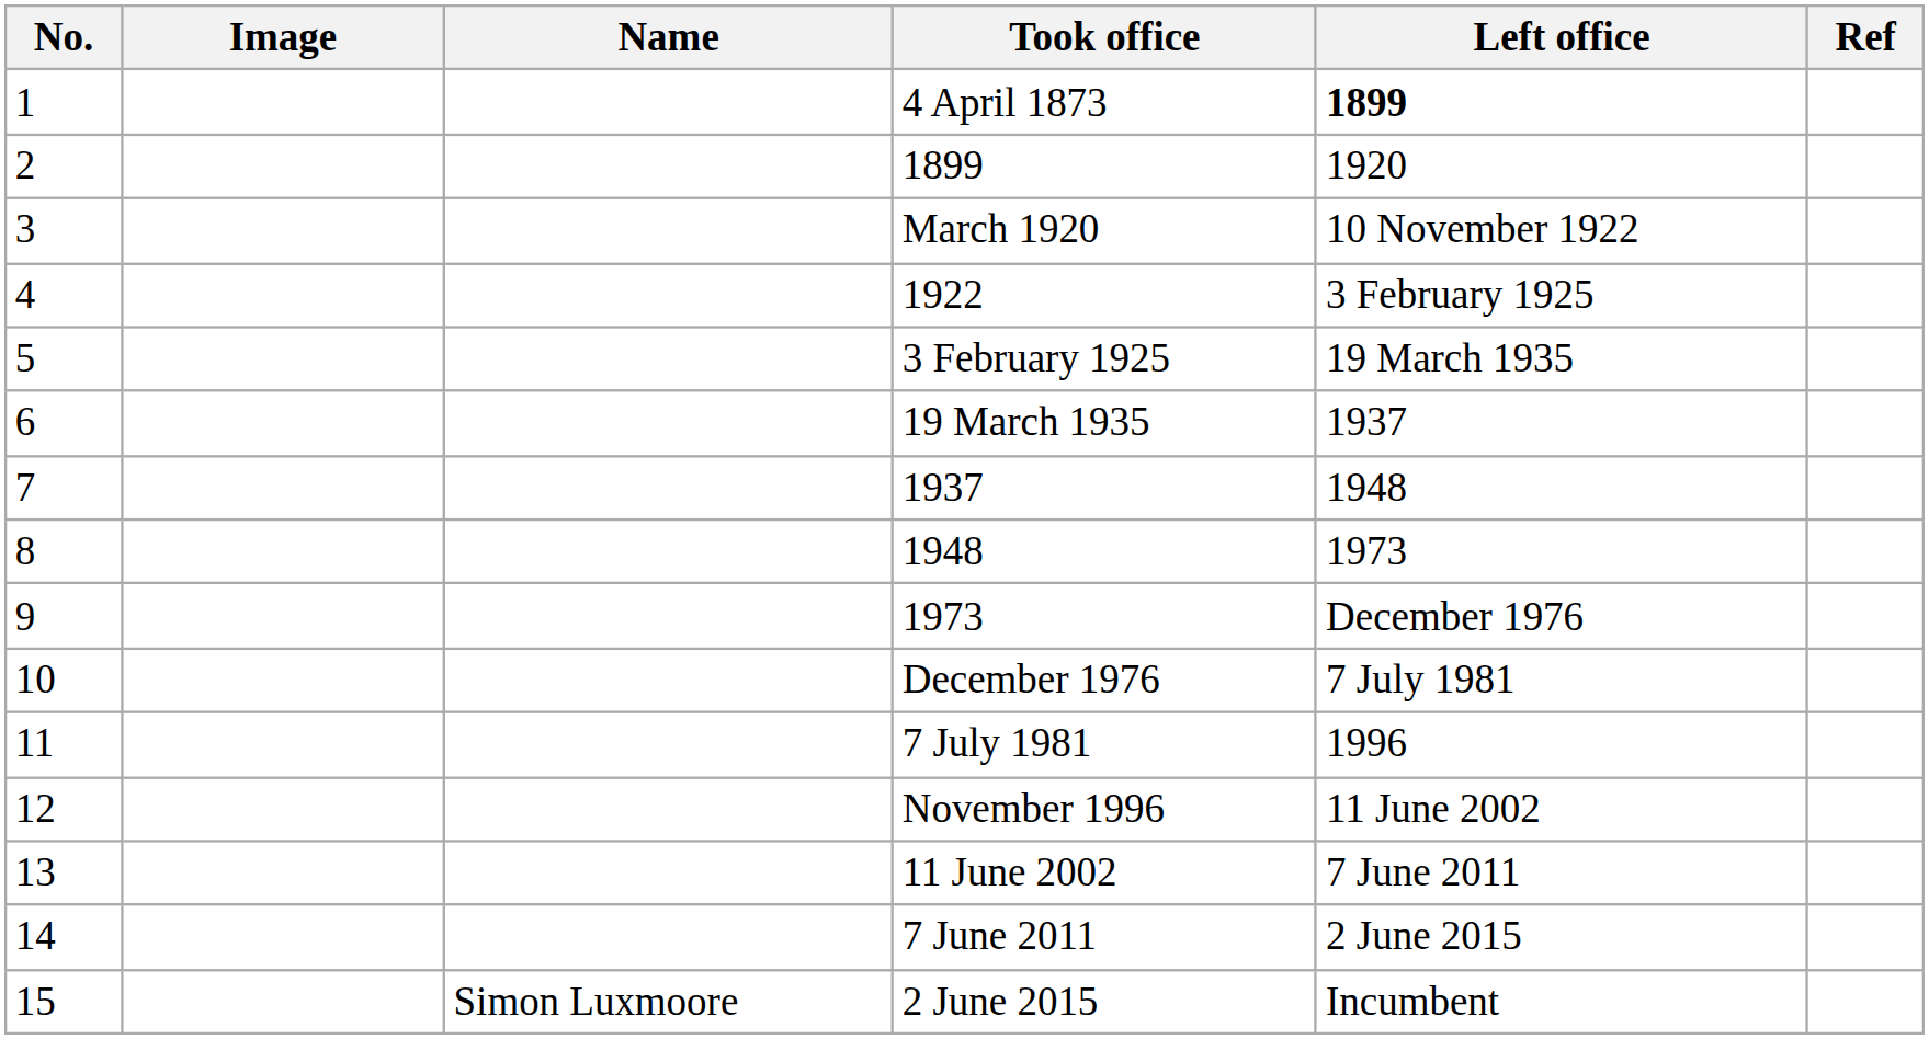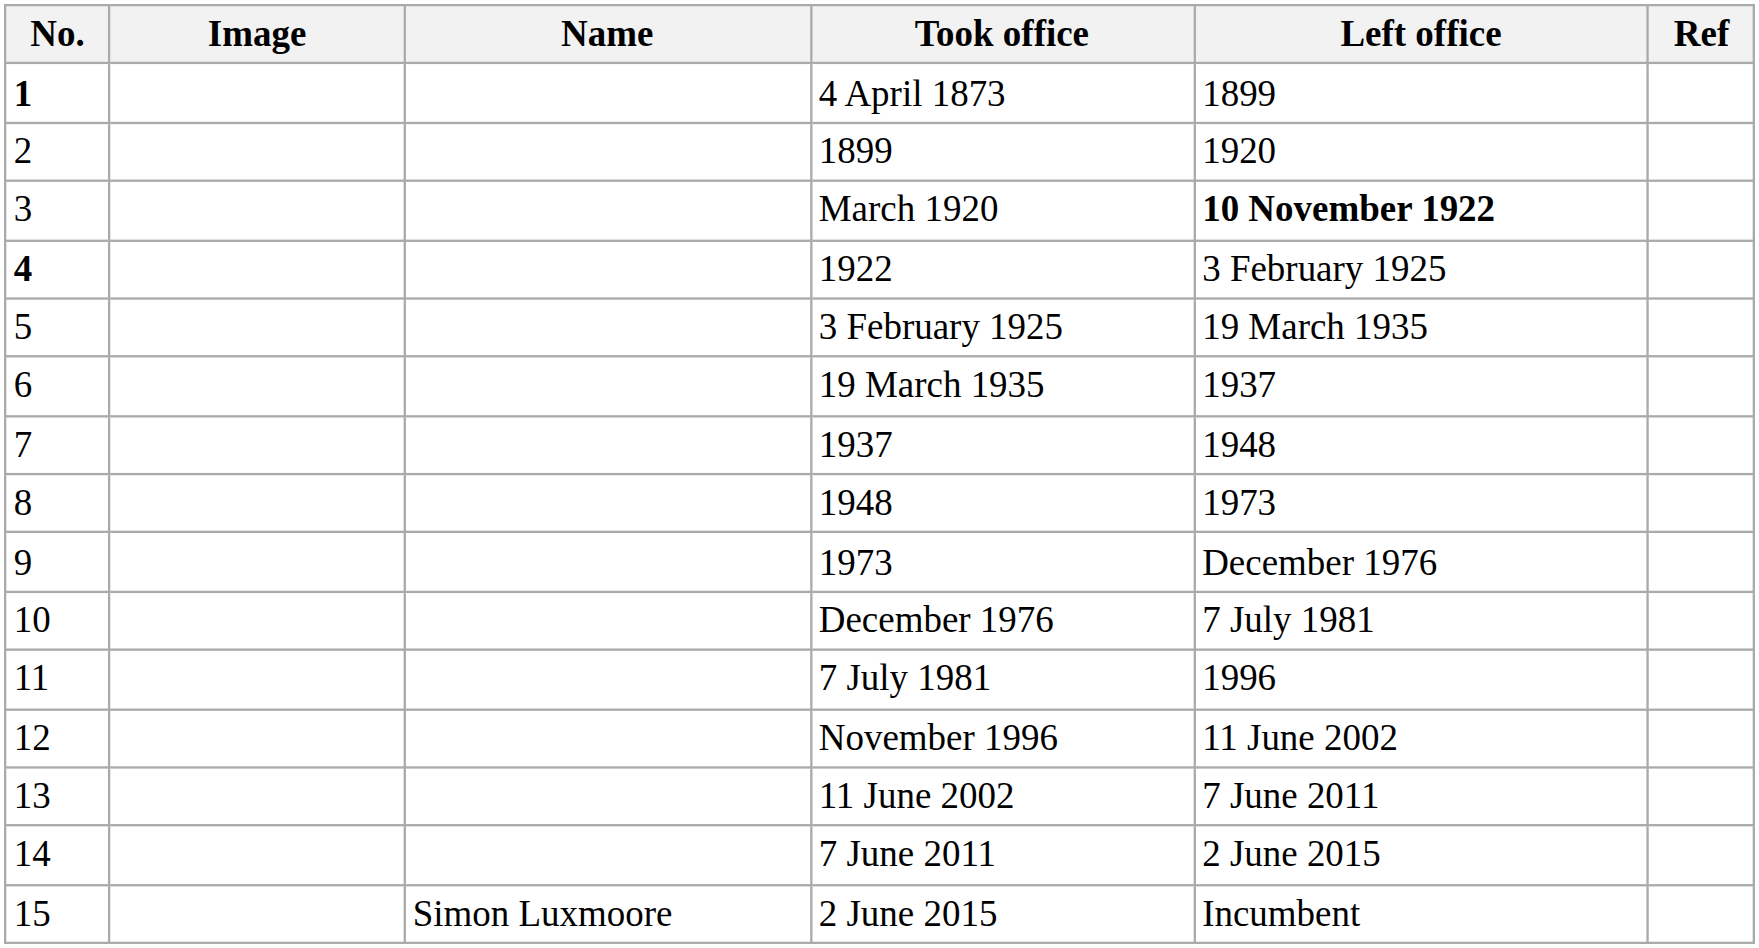 <table class="wikitable sortable" width="60%" style="background:#ffffff;">
 <tr>
 <th>No.</th>
 <th class="unsortable" width="120px">Image</th>
 <th>Name</th>
 <th>Took office</th>
 <th>Left office</th>
 <th class="unsortable">Ref</th>
 </tr>
 <tr>
-<td>1</td>
+<td><strong>1</strong></td>
 <td></td>
 <td></td>
 <td>4 April 1873</td>
-<td><strong>1899</strong></td>
+<td>1899</td>
 <td></td>
 </tr>
 <tr>
 <td>2</td>
 <td></td>
 <td></td>
 <td>1899</td>
 <td>1920</td>
 <td></td>
 </tr>
 <tr>
 <td>3</td>
 <td></td>
 <td></td>
 <td>March 1920</td>
-<td>10 November 1922</td>
+<td><strong>10 November 1922</strong></td>
 <td></td>
 </tr>
 <tr>
-<td>4</td>
+<td><strong>4</strong></td>
 <td></td>
 <td></td>
 <td>1922</td>
 <td>3 February 1925</td>
 <td></td>
 </tr>
 <tr>
 <td>5</td>
 <td></td>
 <td></td>
 <td>3 February 1925</td>
 <td>19 March 1935</td>
 <td></td>
 </tr>
 <tr>
 <td>6</td>
 <td></td>
 <td></td>
 <td>19 March 1935</td>
 <td>1937</td>
 <td></td>
 </tr>
 <tr>
 <td>7</td>
 <td></td>
 <td></td>
 <td>1937</td>
 <td>1948</td>
 <td></td>
 </tr>
 <tr>
 <td>8</td>
 <td></td>
 <td></td>
 <td>1948</td>
 <td>1973</td>
 <td></td>
 </tr>
 <tr>
 <td>9</td>
 <td></td>
 <td></td>
 <td>1973</td>
 <td>December 1976</td>
 <td></td>
 </tr>
 <tr>
 <td>10</td>
 <td></td>
 <td></td>
 <td>December 1976</td>
 <td>7 July 1981</td>
 <td></td>
 </tr>
 <tr>
 <td>11</td>
 <td></td>
 <td></td>
 <td>7 July 1981</td>
 <td>1996</td>
 <td></td>
 </tr>
 <tr>
 <td>12</td>
 <td></td>
 <td></td>
 <td>November 1996</td>
 <td>11 June 2002</td>
 <td></td>
 </tr>
 <tr>
 <td>13</td>
 <td></td>
 <td></td>
 <td>11 June 2002</td>
 <td>7 June 2011</td>
 <td></td>
 </tr>
 <tr>
 <td>14</td>
 <td></td>
 <td></td>
 <td>7 June 2011</td>
 <td>2 June 2015</td>
 <td></td>
 </tr>
 <tr>
 <td>15</td>
 <td></td>
 <td>Simon Luxmoore</td>
 <td>2 June 2015</td>
 <td>Incumbent</td>
 <td></td>
 </tr>
 <tr>
 </tr>
 </table>
